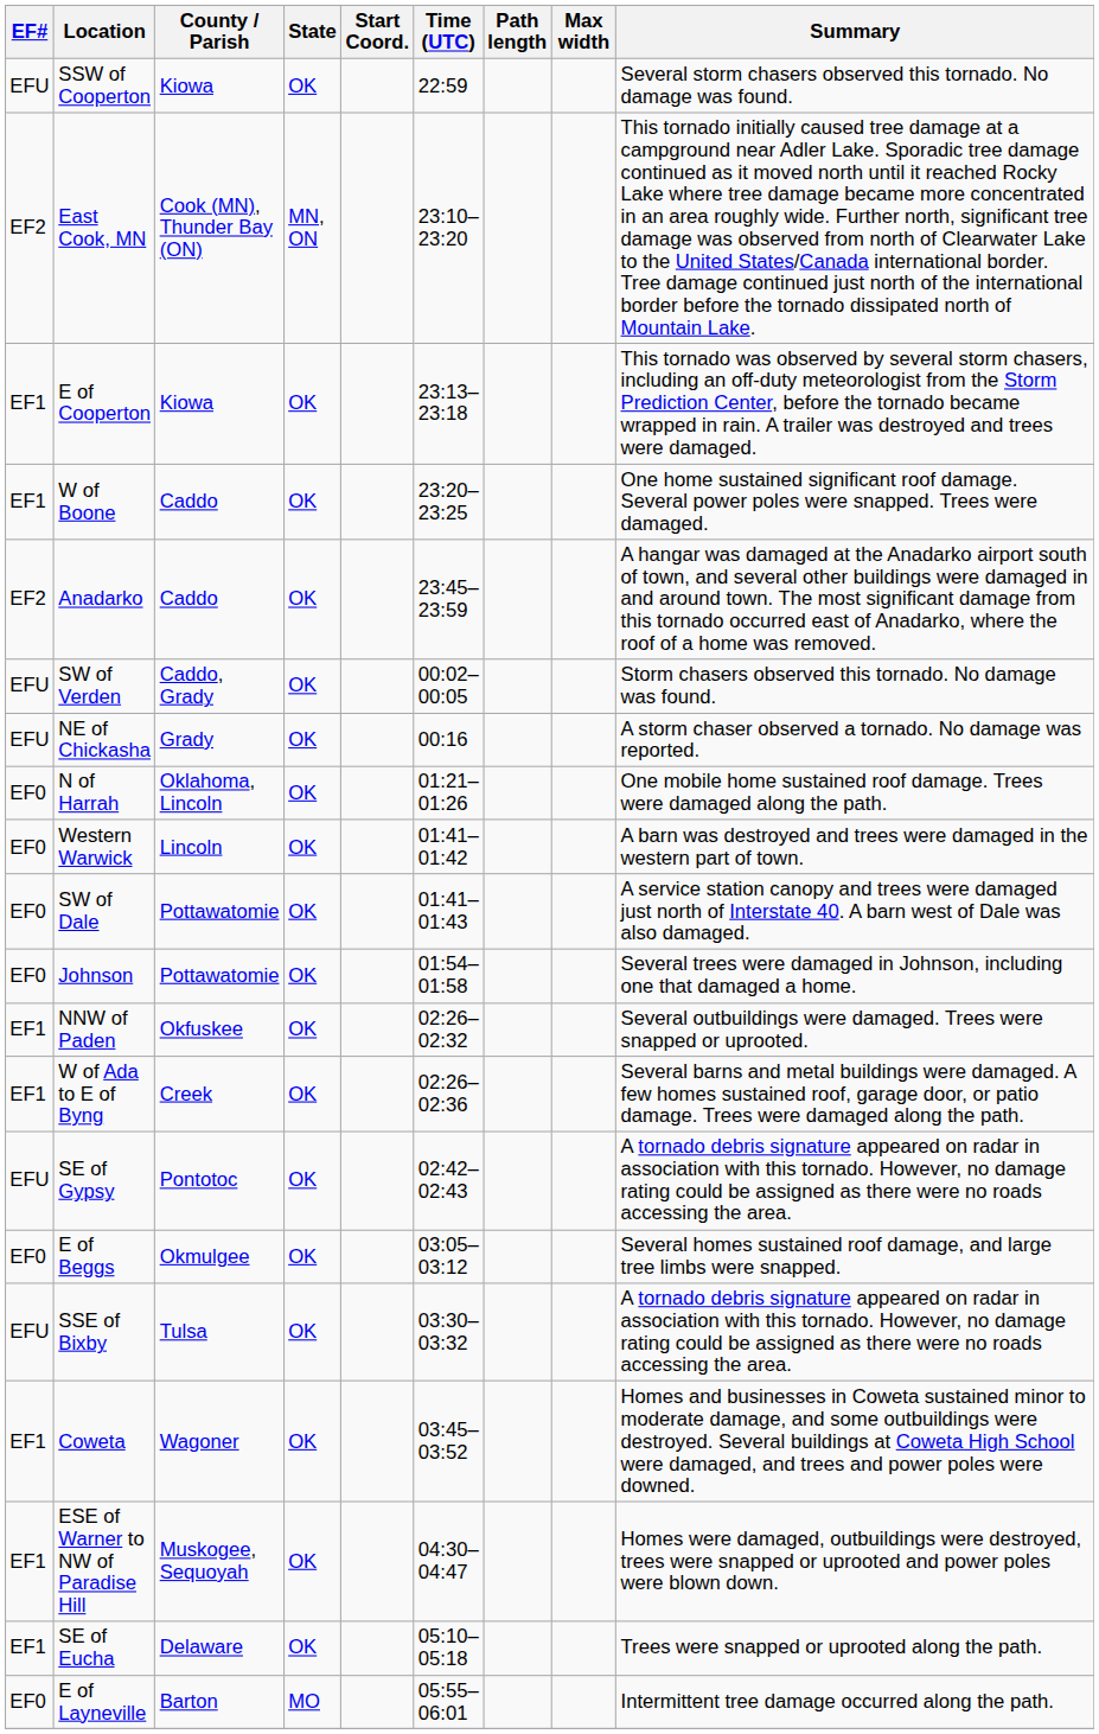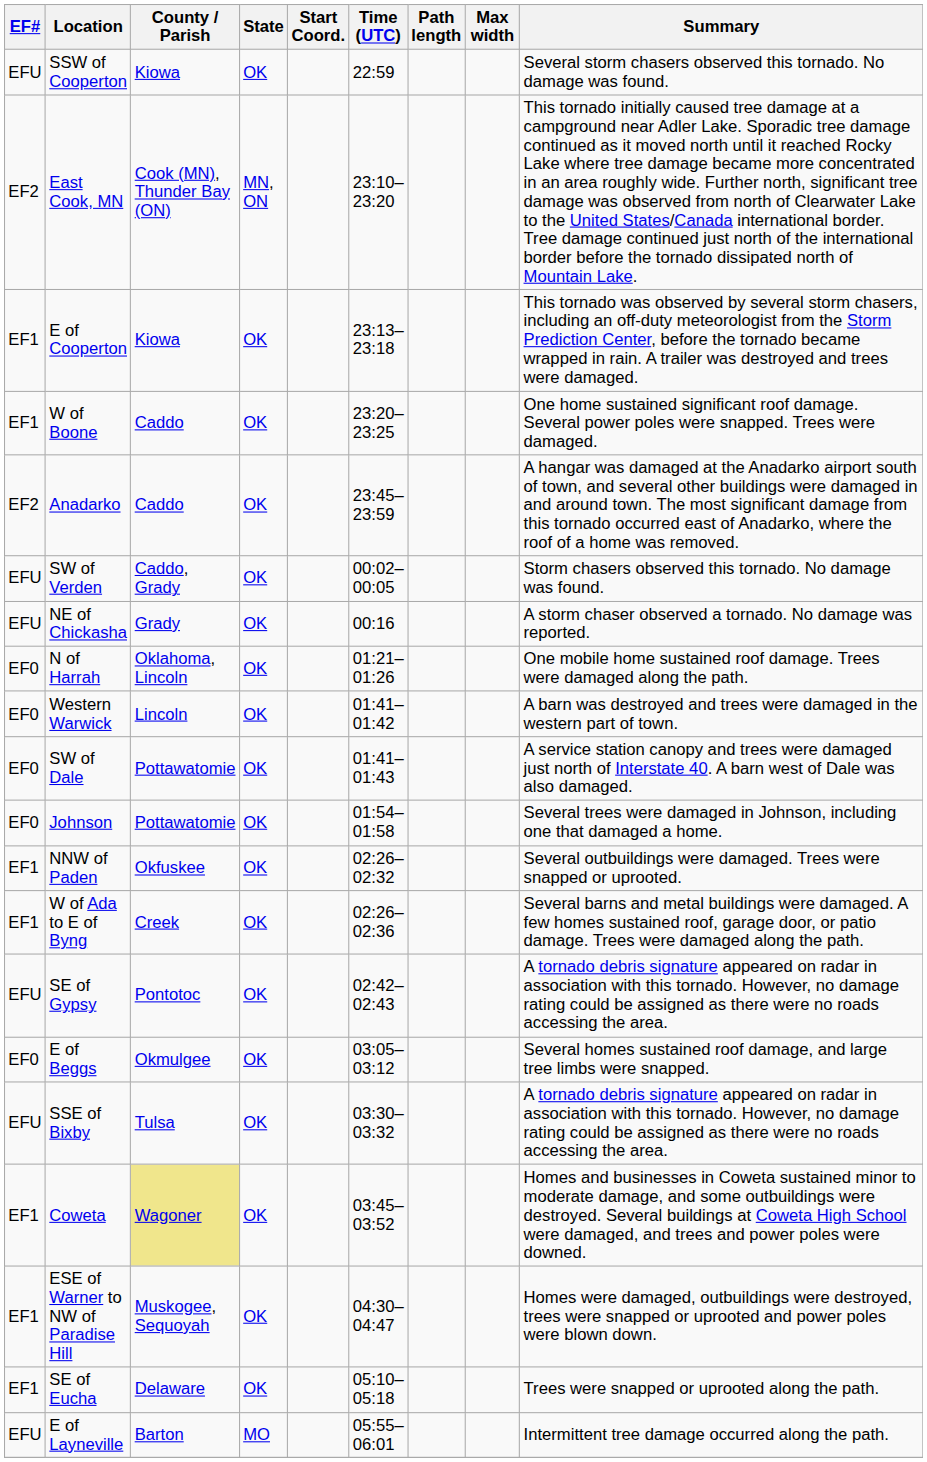 <table class="wikitable sortable" style="width:100%;">
 <tr>
 <th scope="col"  style="width:3%; text-align:center;"><a href='#'>EF#</a></th>
 <th scope="col"  style="width:7%; text-align:center;" class="unsortable">Location</th>
 <th scope="col"  style="width:6%; text-align:center;" class="unsortable">County / Parish</th>
 <th scope="col"  style="width:5%; text-align:center;">State</th>
 <th scope="col"  style="width:6%; text-align:center;">Start Coord.</th>
 <th scope="col"  style="width:6%; text-align:center;">Time (<a href='#'>UTC</a>)</th>
 <th scope="col"  style="width:6%; text-align:center;">Path length</th>
 <th scope="col"  style="width:6%; text-align:center;">Max width</th>
 <th scope="col" class="unsortable" style="width:48%; text-align:center;">Summary</th>
 </tr>
 <tr>
 <td>EFU</td>
 <td>SSW of <a href='#'>Cooperton</a></td>
 <td><a href='#'>Kiowa</a></td>
 <td><a href='#'>OK</a></td>
 <td></td>
 <td>22:59</td>
 <td></td>
 <td></td>
 <td>Several storm chasers observed this tornado. No damage was found.</td>
 </tr>
 <tr>
 <td>EF2</td>
 <td><a href='#'>East Cook, MN</a></td>
 <td><a href='#'>Cook (MN)</a>, <a href='#'>Thunder Bay (ON)</a></td>
 <td><a href='#'>MN</a>, <a href='#'>ON</a></td>
 <td></td>
 <td>23:10–23:20</td>
 <td></td>
 <td></td>
 <td>This tornado initially caused tree damage at a campground near Adler Lake. Sporadic tree damage continued as it moved north until it reached Rocky Lake where tree damage became more concentrated in an area roughly  wide. Further north, significant tree damage was observed from north of Clearwater Lake to the <a href='#'>United States</a>/<a href='#'>Canada</a> international border. Tree damage continued just north of the international border before the tornado dissipated north of <a href='#'>Mountain Lake</a>.</td>
 </tr>
 <tr>
 <td>EF1</td>
 <td>E of <a href='#'>Cooperton</a></td>
 <td><a href='#'>Kiowa</a></td>
 <td><a href='#'>OK</a></td>
 <td></td>
 <td>23:13–23:18</td>
 <td></td>
 <td></td>
 <td>This tornado was observed by several storm chasers, including an off-duty meteorologist from the <a href='#'>Storm Prediction Center</a>, before the tornado became wrapped in rain. A trailer was destroyed and trees were damaged.</td>
 </tr>
 <tr>
 <td>EF1</td>
 <td>W of <a href='#'>Boone</a></td>
 <td><a href='#'>Caddo</a></td>
 <td><a href='#'>OK</a></td>
 <td></td>
 <td>23:20–23:25</td>
 <td></td>
 <td></td>
 <td>One home sustained significant roof damage. Several power poles were snapped. Trees were damaged.</td>
 </tr>
 <tr>
 <td>EF2</td>
 <td><a href='#'>Anadarko</a></td>
 <td><a href='#'>Caddo</a></td>
 <td><a href='#'>OK</a></td>
 <td></td>
 <td>23:45–23:59</td>
 <td></td>
 <td></td>
 <td>A hangar was damaged at the Anadarko airport south of town, and several other buildings were damaged in and around town. The most significant damage from this tornado occurred east of Anadarko, where the roof of a home was removed.</td>
 </tr>
 <tr>
 <td>EFU</td>
 <td>SW of <a href='#'>Verden</a></td>
 <td><a href='#'>Caddo</a>, <a href='#'>Grady</a></td>
 <td><a href='#'>OK</a></td>
 <td></td>
 <td>00:02–00:05</td>
 <td></td>
 <td></td>
 <td>Storm chasers observed this tornado. No damage was found.</td>
 </tr>
 <tr>
 <td>EFU</td>
 <td>NE of <a href='#'>Chickasha</a></td>
 <td><a href='#'>Grady</a></td>
 <td><a href='#'>OK</a></td>
 <td></td>
 <td>00:16</td>
 <td></td>
 <td></td>
 <td>A storm chaser observed a tornado. No damage was reported.</td>
 </tr>
 <tr>
 <td>EF0</td>
 <td>N of <a href='#'>Harrah</a></td>
 <td><a href='#'>Oklahoma</a>, <a href='#'>Lincoln</a></td>
 <td><a href='#'>OK</a></td>
 <td></td>
 <td>01:21–01:26</td>
 <td></td>
 <td></td>
 <td>One mobile home sustained roof damage. Trees were damaged along the path.</td>
 </tr>
 <tr>
 <td>EF0</td>
 <td>Western <a href='#'>Warwick</a></td>
 <td><a href='#'>Lincoln</a></td>
 <td><a href='#'>OK</a></td>
 <td></td>
 <td>01:41–01:42</td>
 <td></td>
 <td></td>
 <td>A barn was destroyed and trees were damaged in the western part of town.</td>
 </tr>
 <tr>
 <td>EF0</td>
 <td>SW of <a href='#'>Dale</a></td>
 <td><a href='#'>Pottawatomie</a></td>
 <td><a href='#'>OK</a></td>
 <td></td>
 <td>01:41–01:43</td>
 <td></td>
 <td></td>
 <td>A service station canopy and trees were damaged just north of <a href='#'>Interstate 40</a>. A barn west of Dale was also damaged.</td>
 </tr>
 <tr>
 <td>EF0</td>
 <td><a href='#'>Johnson</a></td>
 <td><a href='#'>Pottawatomie</a></td>
 <td><a href='#'>OK</a></td>
 <td></td>
 <td>01:54–01:58</td>
 <td></td>
 <td></td>
 <td>Several trees were damaged in Johnson, including one that damaged a home.</td>
 </tr>
 <tr>
 <td>EF1</td>
 <td>NNW of <a href='#'>Paden</a></td>
 <td><a href='#'>Okfuskee</a></td>
 <td><a href='#'>OK</a></td>
 <td></td>
 <td>02:26–02:32</td>
 <td></td>
 <td></td>
 <td>Several outbuildings were damaged. Trees were snapped or uprooted.</td>
 </tr>
 <tr>
 <td>EF1</td>
 <td>W of <a href='#'>Ada</a> to E of <a href='#'>Byng</a></td>
 <td><a href='#'>Creek</a></td>
 <td><a href='#'>OK</a></td>
 <td></td>
 <td>02:26–02:36</td>
 <td></td>
 <td></td>
 <td>Several barns and metal buildings were damaged. A few homes sustained roof, garage door, or patio damage. Trees were damaged along the path.</td>
 </tr>
 <tr>
 <td>EFU</td>
 <td>SE of <a href='#'>Gypsy</a></td>
 <td><a href='#'>Pontotoc</a></td>
 <td><a href='#'>OK</a></td>
 <td></td>
 <td>02:42–02:43</td>
 <td></td>
 <td></td>
 <td>A <a href='#'>tornado debris signature</a> appeared on radar in association with this tornado. However, no damage rating could be assigned as there were no roads accessing the area.</td>
 </tr>
 <tr>
 <td>EF0</td>
 <td>E of <a href='#'>Beggs</a></td>
 <td><a href='#'>Okmulgee</a></td>
 <td><a href='#'>OK</a></td>
 <td></td>
 <td>03:05–03:12</td>
 <td></td>
 <td></td>
 <td>Several homes sustained roof damage, and large tree limbs were snapped.</td>
 </tr>
 <tr>
 <td>EFU</td>
 <td>SSE of <a href='#'>Bixby</a></td>
 <td><a href='#'>Tulsa</a></td>
 <td><a href='#'>OK</a></td>
 <td></td>
 <td>03:30–03:32</td>
 <td></td>
 <td></td>
 <td>A <a href='#'>tornado debris signature</a> appeared on radar in association with this tornado. However, no damage rating could be assigned as there were no roads accessing the area.</td>
 </tr>
 <tr>
 <td>EF1</td>
 <td><a href='#'>Coweta</a></td>
-<td><a href='#'>Wagoner</a></td>
+<td style="background: khaki;"><a href='#'>Wagoner</a></td>
 <td><a href='#'>OK</a></td>
 <td></td>
 <td>03:45–03:52</td>
 <td></td>
 <td></td>
 <td>Homes and businesses in Coweta sustained minor to moderate damage, and some outbuildings were destroyed. Several buildings at <a href='#'>Coweta High School</a> were damaged, and trees and power poles were downed.</td>
 </tr>
 <tr>
 <td>EF1</td>
 <td>ESE of <a href='#'>Warner</a> to NW of <a href='#'>Paradise Hill</a></td>
 <td><a href='#'>Muskogee</a>, <a href='#'>Sequoyah</a></td>
 <td><a href='#'>OK</a></td>
 <td></td>
 <td>04:30–04:47</td>
 <td></td>
 <td></td>
 <td>Homes were damaged, outbuildings were destroyed, trees were snapped or uprooted and power poles were blown down.</td>
 </tr>
 <tr>
 <td>EF1</td>
 <td>SE of <a href='#'>Eucha</a></td>
 <td><a href='#'>Delaware</a></td>
 <td><a href='#'>OK</a></td>
 <td></td>
 <td>05:10–05:18</td>
 <td></td>
 <td></td>
 <td>Trees were snapped or uprooted along the path.</td>
 </tr>
 <tr>
-<td>EF0</td>
+<td>EFU</td>
 <td>E of <a href='#'>Layneville</a></td>
 <td><a href='#'>Barton</a></td>
 <td><a href='#'>MO</a></td>
 <td></td>
 <td>05:55–06:01</td>
 <td></td>
 <td></td>
 <td>Intermittent tree damage occurred along the path.</td>
 </tr>
 <tr>
 </tr>
 </table>
